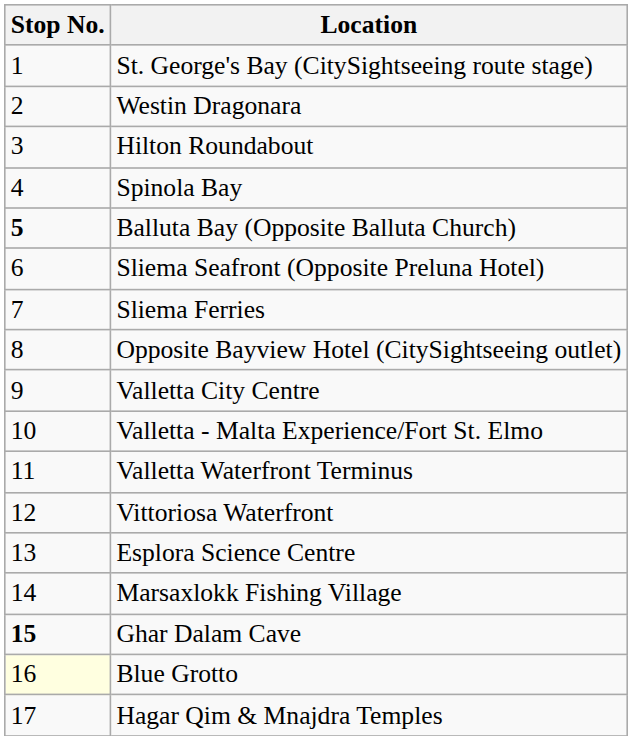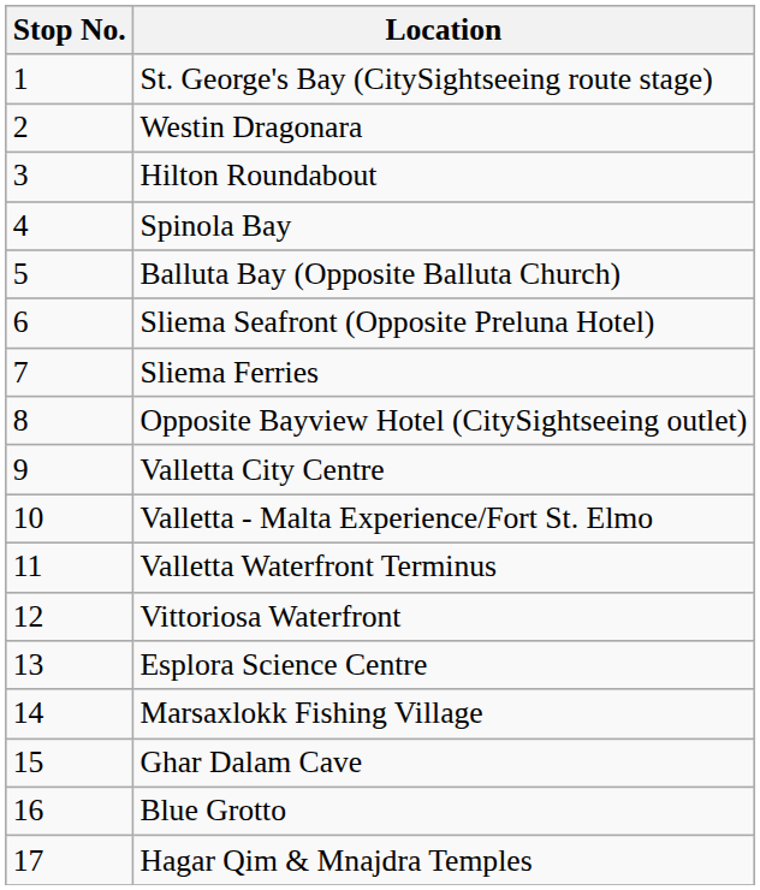 <table class="wikitable sortable">
 <tr>
 <th>Stop No.</th>
 <th>Location</th>
 </tr>
 <tr>
 <td>1</td>
 <td>St. George's Bay (CitySightseeing route stage)</td>
 </tr>
 <tr>
 <td>2</td>
 <td>Westin Dragonara</td>
 </tr>
 <tr>
 <td>3</td>
 <td>Hilton Roundabout</td>
 </tr>
 <tr>
 <td>4</td>
 <td>Spinola Bay</td>
 </tr>
 <tr>
-<td><strong>5</strong></td>
+<td>5</td>
 <td>Balluta Bay (Opposite Balluta Church)</td>
 </tr>
 <tr>
 <td>6</td>
 <td>Sliema Seafront (Opposite Preluna Hotel)</td>
 </tr>
 <tr>
 <td>7</td>
 <td>Sliema Ferries</td>
 </tr>
 <tr>
 <td>8</td>
 <td>Opposite Bayview Hotel (CitySightseeing outlet)</td>
 </tr>
 <tr>
 <td>9</td>
 <td>Valletta City Centre</td>
 </tr>
 <tr>
 <td>10</td>
 <td>Valletta - Malta Experience/Fort St. Elmo</td>
 </tr>
 <tr>
 <td>11</td>
 <td>Valletta Waterfront Terminus</td>
 </tr>
 <tr>
 <td>12</td>
 <td>Vittoriosa Waterfront</td>
 </tr>
 <tr>
 <td>13</td>
 <td>Esplora Science Centre</td>
 </tr>
 <tr>
 <td>14</td>
 <td>Marsaxlokk Fishing Village</td>
 </tr>
 <tr>
-<td><strong>15</strong></td>
+<td>15</td>
 <td>Ghar Dalam Cave</td>
 </tr>
 <tr>
-<td style="background: lightyellow;">16</td>
+<td>16</td>
 <td>Blue Grotto</td>
 </tr>
 <tr>
 <td>17</td>
 <td>Hagar Qim & Mnajdra Temples</td>
 </tr>
 </table>
